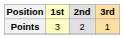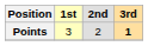 <table class="wikitable" style="font-size: 85%; text-align:center">
 <tr>
 <th>Position</th>
 <th style="background-color:#ffffbf"> 1st </th>
 <th style="background-color:#dfdfdf"> 2nd </th>
 <th style="background-color:#ffdf9f"> 3rd </th>
 </tr>
 <tr>
 <th>Points</th>
 <td style="background-color:#ffffbf">3</td>
 <td style="background-color:#dfdfdf">2</td>
-<td style="background-color:#ffdf9f">1</td>
+<td style="background-color:#ffdf9f"><strong>1</strong></td>
 </tr>
 <tr>
 </tr>
 </table>
